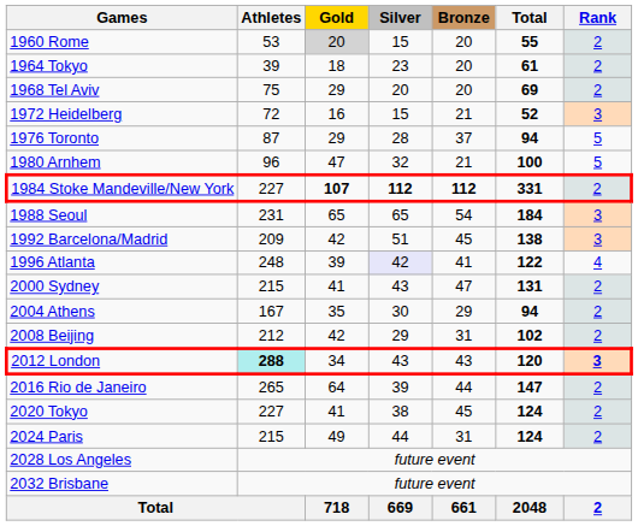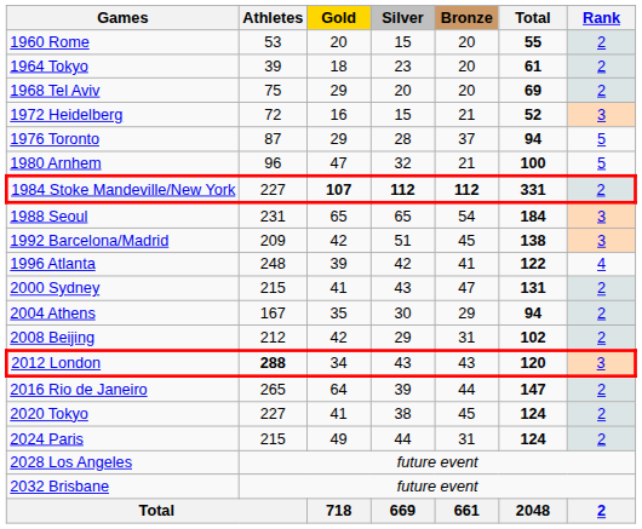 <table class="wikitable" style="text-align:center; font-size:90%;">
 <tr>
 <th>Games</th>
 <th>Athletes</th>
 <td style="background:gold; width:3.7em; font-weight:bold;">Gold</td>
 <td style="background:silver; width:3.7em; font-weight:bold;">Silver</td>
 <td style="background:#cc9966; width:3.7em; font-weight:bold;">Bronze</td>
 <th style="width:4em; font-weight:bold;">Total</th>
 <th style="width:4em; font-weight:bold;"><a href='#'>Rank</a></th>
 </tr>
 <tr>
 <td align=left> <a href='#'>1960 Rome</a></td>
 <td>53</td>
-<td style="background: lightgrey;">20</td>
+<td>20</td>
 <td>15</td>
 <td>20</td>
 <td><strong>55</strong></td>
 <td bgcolor=dce5e5><a href='#'>2</a></td>
 </tr>
 <tr>
 <td align=left> <a href='#'>1964 Tokyo</a></td>
 <td>39</td>
 <td>18</td>
 <td>23</td>
 <td>20</td>
 <td><strong>61</strong></td>
 <td bgcolor=dce5e5><a href='#'>2</a></td>
 </tr>
 <tr>
 <td align=left> <a href='#'>1968 Tel Aviv</a></td>
 <td>75</td>
 <td>29</td>
 <td>20</td>
 <td>20</td>
 <td><strong>69</strong></td>
 <td bgcolor=dce5e5><a href='#'>2</a></td>
 </tr>
 <tr>
 <td align=left> <a href='#'>1972 Heidelberg</a></td>
 <td>72</td>
 <td>16</td>
 <td>15</td>
 <td>21</td>
 <td><strong>52</strong></td>
 <td bgcolor=ffdab9><a href='#'>3</a></td>
 </tr>
 <tr>
 <td align=left> <a href='#'>1976 Toronto</a></td>
 <td>87</td>
 <td>29</td>
 <td>28</td>
 <td>37</td>
 <td><strong>94</strong></td>
 <td><a href='#'>5</a></td>
 </tr>
 <tr>
 <td align=left> <a href='#'>1980 Arnhem</a></td>
 <td>96</td>
 <td>47</td>
 <td>32</td>
 <td>21</td>
 <td><strong>100</strong></td>
 <td><a href='#'>5</a></td>
 </tr>
 <tr style="border: 3px solid red">
 <td align=left> <a href='#'>1984 Stoke Mandeville/New York</a></td>
 <td>227</td>
 <td><strong>107</strong></td>
 <td><strong>112</strong></td>
 <td><strong>112</strong></td>
 <td><strong>331</strong></td>
 <td bgcolor=dce5e5><a href='#'>2</a></td>
 </tr>
 <tr>
 <td align=left> <a href='#'>1988 Seoul</a></td>
 <td>231</td>
 <td>65</td>
 <td>65</td>
 <td>54</td>
 <td><strong>184</strong></td>
 <td bgcolor=ffdab9><a href='#'>3</a></td>
 </tr>
 <tr>
 <td align=left> <a href='#'>1992 Barcelona/Madrid</a></td>
 <td>209</td>
 <td>42</td>
 <td>51</td>
 <td>45</td>
 <td><strong>138</strong></td>
 <td bgcolor=ffdab9><a href='#'>3</a></td>
 </tr>
 <tr>
 <td align=left> <a href='#'>1996 Atlanta</a></td>
 <td>248</td>
 <td>39</td>
-<td style="background: lavender;">42</td>
+<td>42</td>
 <td>41</td>
 <td><strong>122</strong></td>
 <td><a href='#'>4</a></td>
 </tr>
 <tr>
 <td align=left> <a href='#'>2000 Sydney</a></td>
 <td>215</td>
 <td>41</td>
 <td>43</td>
 <td>47</td>
 <td><strong>131</strong></td>
 <td bgcolor=dce5e5><a href='#'>2</a></td>
 </tr>
 <tr>
 <td align=left> <a href='#'>2004 Athens</a></td>
 <td>167</td>
 <td>35</td>
 <td>30</td>
 <td>29</td>
 <td><strong>94</strong></td>
 <td bgcolor=dce5e5><a href='#'>2</a></td>
 </tr>
 <tr>
 <td align=left> <a href='#'>2008 Beijing</a></td>
 <td>212</td>
 <td>42</td>
 <td>29</td>
 <td>31</td>
 <td><strong>102</strong></td>
 <td bgcolor=dce5e5><a href='#'>2</a></td>
 </tr>
 <tr style="border: 3px solid red">
 <td align=left> <a href='#'>2012 London</a></td>
-<td style="background: paleturquoise;"><strong>288</strong></td>
+<td><strong>288</strong></td>
 <td>34</td>
 <td>43</td>
 <td>43</td>
 <td><strong>120</strong></td>
-<td bgcolor=ffdab9><strong><a href='#'>3</a></strong></td>
+<td bgcolor=ffdab9><a href='#'>3</a></td>
 </tr>
 <tr>
 <td align=left> <a href='#'>2016 Rio de Janeiro</a></td>
 <td>265</td>
 <td>64</td>
 <td>39</td>
 <td>44</td>
 <td><strong>147</strong></td>
 <td bgcolor=dce5e5><a href='#'>2</a></td>
 </tr>
 <tr>
 <td align=left> <a href='#'>2020 Tokyo</a></td>
 <td>227</td>
 <td>41</td>
 <td>38</td>
 <td>45</td>
 <td><strong>124</strong></td>
 <td bgcolor=dce5e5><a href='#'>2</a></td>
 </tr>
 <tr>
 <td align=left> <a href='#'>2024 Paris</a></td>
 <td>215</td>
 <td>49</td>
 <td>44</td>
 <td>31</td>
 <td><strong>124</strong></td>
 <td bgcolor=dce5e5><a href='#'>2</a></td>
 </tr>
 <tr>
 <td align=left> <a href='#'>2028 Los Angeles</a></td>
 <td colspan=7; rowspan=1><em>future event</em></td>
 </tr>
 <tr>
 <td align=left> <a href='#'>2032 Brisbane</a></td>
 <td colspan=7; rowspan=1><em>future event</em></td>
 </tr>
 <tr>
 <th colspan=2>Total</th>
 <th>718</th>
 <th>669</th>
 <th>661</th>
 <th>2048</th>
 <th><a href='#'>2</a></th>
 </tr>
 </table>
